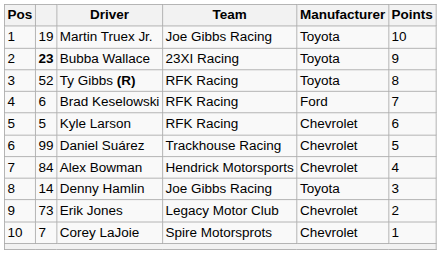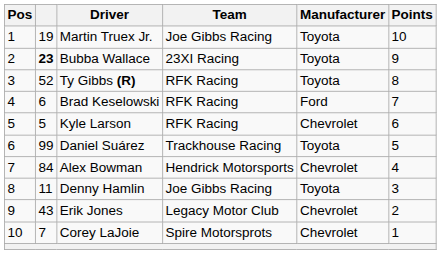 <table class="wikitable" style="font-size:98%">
 <tr>
 <th>Pos</th>
 <th></th>
 <th>Driver</th>
 <th>Team</th>
 <th>Manufacturer</th>
 <th>Points</th>
 </tr>
 <tr>
 <td>1</td>
 <td>19</td>
 <td>Martin Truex Jr.</td>
 <td>Joe Gibbs Racing</td>
 <td>Toyota</td>
 <td>10</td>
 </tr>
 <tr>
 <td>2</td>
 <td><strong>23</strong></td>
 <td>Bubba Wallace</td>
 <td>23XI Racing</td>
 <td>Toyota</td>
 <td>9</td>
 </tr>
 <tr>
 <td>3</td>
 <td>52</td>
 <td>Ty Gibbs <strong>(R)</strong></td>
 <td>RFK Racing</td>
 <td>Toyota</td>
 <td>8</td>
 </tr>
 <tr>
 <td>4</td>
 <td>6</td>
 <td>Brad Keselowski</td>
 <td>RFK Racing</td>
 <td>Ford</td>
 <td>7</td>
 </tr>
 <tr>
 <td>5</td>
 <td>5</td>
 <td>Kyle Larson</td>
 <td>RFK Racing</td>
 <td>Chevrolet</td>
 <td>6</td>
 </tr>
 <tr>
 <td>6</td>
 <td>99</td>
 <td>Daniel Suárez</td>
 <td>Trackhouse Racing</td>
-<td>Chevrolet</td>
+<td>Toyota</td>
 <td>5</td>
 </tr>
 <tr>
 <td>7</td>
 <td>84</td>
 <td>Alex Bowman</td>
 <td>Hendrick Motorsports</td>
 <td>Chevrolet</td>
 <td>4</td>
 </tr>
 <tr>
 <td>8</td>
-<td>14</td>
+<td>11</td>
 <td>Denny Hamlin</td>
 <td>Joe Gibbs Racing</td>
 <td>Toyota</td>
 <td>3</td>
 </tr>
 <tr>
 <td>9</td>
-<td>73</td>
+<td>43</td>
 <td>Erik Jones</td>
 <td>Legacy Motor Club</td>
 <td>Chevrolet</td>
 <td>2</td>
 </tr>
 <tr>
 <td>10</td>
 <td>7</td>
 <td>Corey LaJoie</td>
 <td>Spire Motorsprots</td>
 <td>Chevrolet</td>
 <td>1</td>
 </tr>
 <tr>
 <th colspan="6"></th>
 </tr>
 </table>
